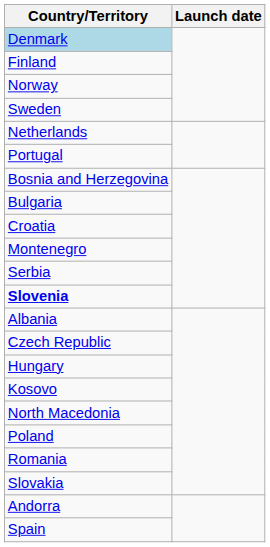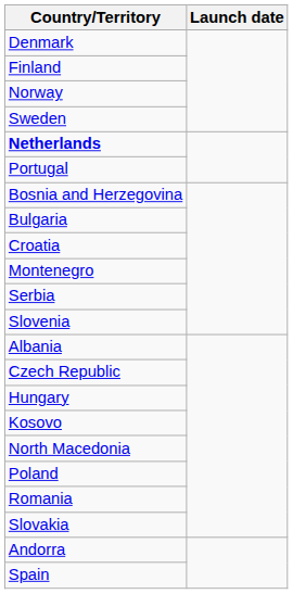 <table class="wikitable sortable plainrowheaders">
 <tr>
 <th scope="col">Country/Territory</th>
 <th scope="col">Launch date</th>
 </tr>
 <tr>
-<td style="background: lightblue;"><a href='#'>Denmark</a></td>
+<td><a href='#'>Denmark</a></td>
 <td rowspan="4" scope="row"></td>
 </tr>
 <tr>
 <td><a href='#'>Finland</a></td>
 </tr>
 <tr>
 <td><a href='#'>Norway</a></td>
 </tr>
 <tr>
 <td><a href='#'>Sweden</a></td>
 </tr>
 <tr>
-<td><a href='#'>Netherlands</a></td>
+<td><strong><a href='#'>Netherlands</a></strong></td>
 <td rowspan="2" scope="row"></td>
 </tr>
 <tr>
 <td><a href='#'>Portugal</a></td>
 </tr>
 <tr>
 <td><a href='#'>Bosnia and Herzegovina</a></td>
 <td rowspan="6" scope="row"></td>
 </tr>
 <tr>
 <td><a href='#'>Bulgaria</a></td>
 </tr>
 <tr>
 <td><a href='#'>Croatia</a></td>
 </tr>
 <tr>
 <td><a href='#'>Montenegro</a></td>
 </tr>
 <tr>
 <td><a href='#'>Serbia</a></td>
 </tr>
 <tr>
-<td><strong><a href='#'>Slovenia</a></strong></td>
+<td><a href='#'>Slovenia</a></td>
 </tr>
 <tr>
 <td><a href='#'>Albania</a></td>
 <td rowspan="8" scope="row"></td>
 </tr>
 <tr>
 <td><a href='#'>Czech Republic</a></td>
 </tr>
 <tr>
 <td><a href='#'>Hungary</a></td>
 </tr>
 <tr>
 <td><a href='#'>Kosovo</a></td>
 </tr>
 <tr>
 <td><a href='#'>North Macedonia</a></td>
 </tr>
 <tr>
 <td><a href='#'>Poland</a></td>
 </tr>
 <tr>
 <td><a href='#'>Romania</a></td>
 </tr>
 <tr>
 <td><a href='#'>Slovakia</a></td>
 </tr>
 <tr>
 <td><a href='#'>Andorra</a></td>
 <td rowspan="2" scope="row"></td>
 </tr>
 <tr>
 <td><a href='#'>Spain</a></td>
 </tr>
 </table>
